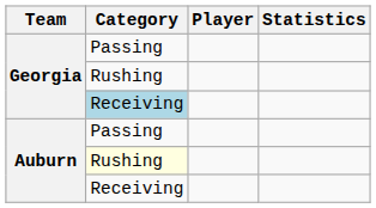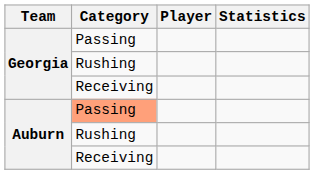 <table class="wikitable" style="float:right">
 <tr>
 <th>Team</th>
 <th>Category</th>
 <th>Player</th>
 <th>Statistics</th>
 </tr>
 <tr>
 <th rowspan=3>Georgia</th>
 <td>Passing</td>
 <td></td>
 <td></td>
 </tr>
 <tr>
 <td>Rushing</td>
 <td></td>
 <td></td>
 </tr>
 <tr>
-<td style="background: lightblue;">Receiving</td>
+<td>Receiving</td>
 <td></td>
 <td></td>
 </tr>
 <tr>
 <th rowspan=3>Auburn</th>
-<td>Passing</td>
+<td style="background: lightsalmon;">Passing</td>
 <td></td>
 <td></td>
 </tr>
 <tr>
-<td style="background: lightyellow;">Rushing</td>
+<td>Rushing</td>
 <td></td>
 <td></td>
 </tr>
 <tr>
 <td>Receiving</td>
 <td></td>
 <td></td>
 </tr>
 </table>
